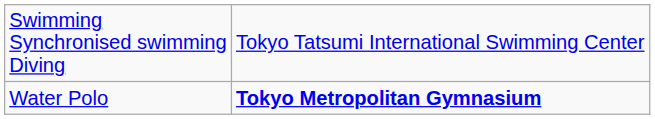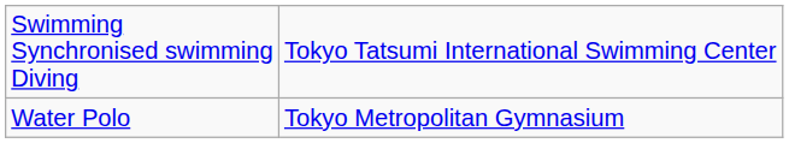 <table class="wikitable">
 <tr>
 <td><a href='#'>Swimming</a><br><a href='#'>Synchronised swimming</a><br><a href='#'>Diving</a></td>
 <td><a href='#'>Tokyo Tatsumi International Swimming Center</a></td>
 </tr>
 <tr>
 <td><a href='#'>Water Polo</a></td>
-<td><strong><a href='#'>Tokyo Metropolitan Gymnasium</a></strong></td>
+<td><a href='#'>Tokyo Metropolitan Gymnasium</a></td>
 </tr>
 </table>
